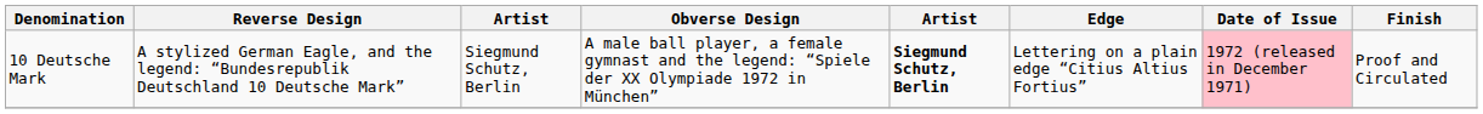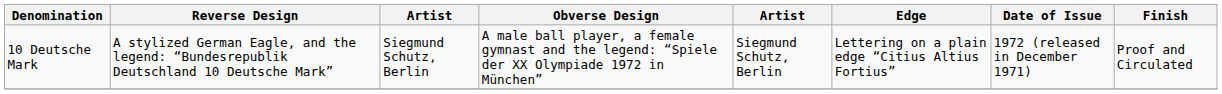 <table class="wikitable">
 <tr>
 <th>Denomination</th>
 <th>Reverse Design</th>
 <th>Artist</th>
 <th>Obverse Design</th>
 <th>Artist</th>
 <th>Edge</th>
 <th>Date of Issue</th>
 <th>Finish</th>
 </tr>
 <tr>
 <td>10 Deutsche Mark</td>
 <td>A stylized German Eagle, and the legend: “Bundesrepublik Deutschland 10 Deutsche Mark”</td>
 <td>Siegmund Schutz, Berlin</td>
 <td>A male ball player, a female gymnast and the legend: “Spiele der XX Olympiade 1972 in München”</td>
-<td><strong>Siegmund Schutz, Berlin</strong></td>
+<td>Siegmund Schutz, Berlin</td>
 <td>Lettering on a plain edge “Citius Altius Fortius”</td>
-<td style="background: pink;">1972 (released in December 1971)</td>
+<td>1972 (released in December 1971)</td>
 <td>Proof and Circulated</td>
 </tr>
 <tr>
 </tr>
 </table>
